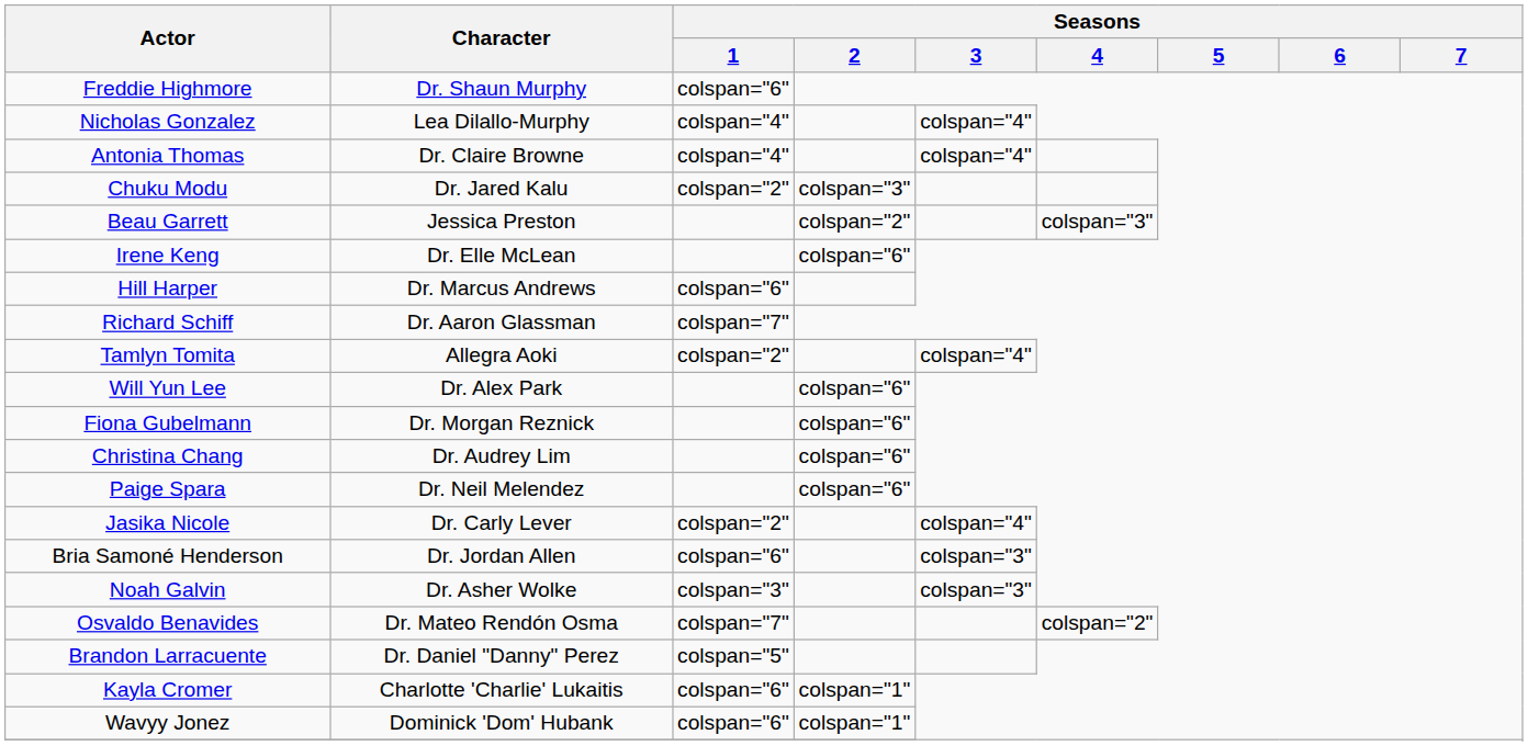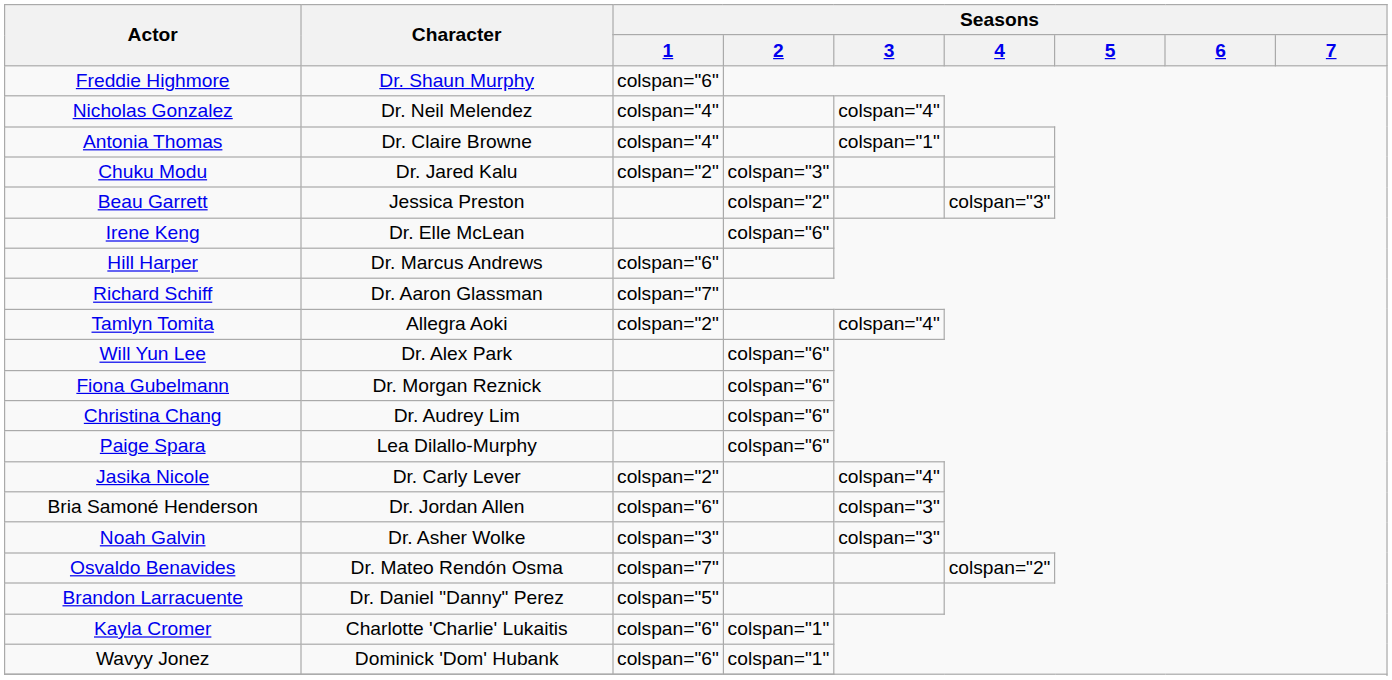 <table class="wikitable plainrowheaders" style="text-align:center;">
 <tr>
 <th rowspan="2" scope="col">Actor</th>
 <th rowspan="2" scope="col">Character</th>
 <th scope="col" colspan="7">Seasons</th>
 </tr>
 <tr>
 <th scope="col" style="width:8%;"><a href='#'>1</a></th>
 <th scope="col" style="width:8%;"><a href='#'>2</a></th>
 <th scope="col" style="width:8%;"><a href='#'>3</a></th>
 <th scope="col" style="width:8%;"><a href='#'>4</a></th>
 <th scope="col" style="width:8%;"><a href='#'>5</a></th>
 <th scope="col" style="width:8%;"><a href='#'>6</a></th>
 <th scope="col" style="width:8%;"><a href='#'>7</a></th>
 </tr>
 <tr>
 <td><a href='#'>Freddie Highmore</a></td>
 <td><a href='#'>Dr. Shaun Murphy</a></td>
 <td>colspan="6" </td>
 </tr>
 <tr>
 <td><a href='#'>Nicholas Gonzalez</a></td>
-<td>Lea Dilallo-Murphy</td>
+<td>Dr. Neil Melendez</td>
 <td>colspan="4" </td>
 <td></td>
 <td>colspan="4" </td>
 </tr>
 <tr>
 <td><a href='#'>Antonia Thomas</a></td>
 <td>Dr. Claire Browne</td>
 <td>colspan="4" </td>
 <td></td>
-<td>colspan="4" </td>
+<td>colspan="1" </td>
 <td></td>
 </tr>
 <tr>
 <td><a href='#'>Chuku Modu</a></td>
 <td>Dr. Jared Kalu</td>
 <td>colspan="2" </td>
 <td>colspan="3" </td>
 <td></td>
 <td></td>
 </tr>
 <tr>
 <td><a href='#'>Beau Garrett</a></td>
 <td>Jessica Preston</td>
 <td></td>
 <td>colspan="2" </td>
 <td></td>
 <td>colspan="3" </td>
 </tr>
 <tr>
 <td><a href='#'>Irene Keng</a></td>
 <td>Dr. Elle McLean</td>
 <td></td>
 <td>colspan="6" </td>
 </tr>
 <tr>
 <td><a href='#'>Hill Harper</a></td>
 <td>Dr. Marcus Andrews</td>
 <td>colspan="6" </td>
 <td></td>
 </tr>
 <tr>
 <td><a href='#'>Richard Schiff</a></td>
 <td>Dr. Aaron Glassman</td>
 <td>colspan="7" </td>
 </tr>
 <tr>
 <td><a href='#'>Tamlyn Tomita</a></td>
 <td>Allegra Aoki</td>
 <td>colspan="2" </td>
 <td></td>
 <td>colspan="4" </td>
 </tr>
 <tr>
 <td><a href='#'>Will Yun Lee</a></td>
 <td>Dr. Alex Park</td>
 <td></td>
 <td>colspan="6" </td>
 </tr>
 <tr>
 <td><a href='#'>Fiona Gubelmann</a></td>
 <td>Dr. Morgan Reznick</td>
 <td></td>
 <td>colspan="6" </td>
 </tr>
 <tr>
 <td><a href='#'>Christina Chang</a></td>
 <td>Dr. Audrey Lim</td>
 <td></td>
 <td>colspan="6" </td>
 </tr>
 <tr>
 <td><a href='#'>Paige Spara</a></td>
-<td>Dr. Neil Melendez</td>
+<td>Lea Dilallo-Murphy</td>
 <td></td>
 <td>colspan="6" </td>
 </tr>
 <tr>
 <td><a href='#'>Jasika Nicole</a></td>
 <td>Dr. Carly Lever</td>
 <td>colspan="2" </td>
 <td></td>
 <td>colspan="4" </td>
 </tr>
 <tr>
 <td>Bria Samoné Henderson</td>
 <td>Dr. Jordan Allen</td>
 <td>colspan="6" </td>
 <td></td>
 <td>colspan="3" </td>
 </tr>
 <tr>
 <td><a href='#'>Noah Galvin</a></td>
 <td>Dr. Asher Wolke</td>
 <td>colspan="3" </td>
 <td></td>
 <td>colspan="3" </td>
 </tr>
 <tr>
 <td><a href='#'>Osvaldo Benavides</a></td>
 <td>Dr. Mateo Rendón Osma</td>
 <td>colspan="7" </td>
 <td></td>
 <td></td>
 <td>colspan="2"</td>
 </tr>
 <tr>
 <td><a href='#'>Brandon Larracuente</a></td>
 <td>Dr. Daniel "Danny" Perez</td>
 <td>colspan="5" </td>
 <td></td>
 <td></td>
 </tr>
 <tr>
 <td><a href='#'>Kayla Cromer</a></td>
 <td>Charlotte 'Charlie' Lukaitis</td>
 <td>colspan="6" </td>
 <td>colspan="1" </td>
 </tr>
 <tr>
 <td>Wavyy Jonez</td>
 <td>Dominick 'Dom' Hubank</td>
 <td>colspan="6" </td>
 <td>colspan="1" </td>
 </tr>
 <tr>
 </tr>
 </table>
